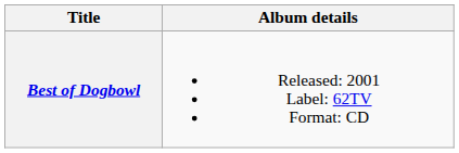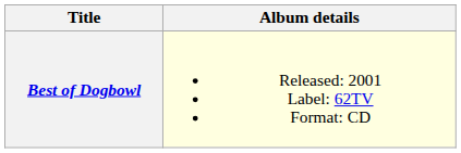 <table class="wikitable plainrowheaders" style="text-align:center;">
 <tr>
 <th scope="col" rowspan="1" style="width:9em;">Title</th>
 <th scope="col" rowspan="1" style="width:17em;">Album details</th>
 </tr>
 <tr>
 <th scope="row"><em><a href='#'>Best of Dogbowl</a></em></th>
-<td><br><ul><li>Released: 2001</li><li>Label: <a href='#'>62TV</a></li><li>Format: CD</li></ul></td>
+<td style="background: lightyellow;"><br><ul><li>Released: 2001</li><li>Label: <a href='#'>62TV</a></li><li>Format: CD</li></ul></td>
 </tr>
 </table>
